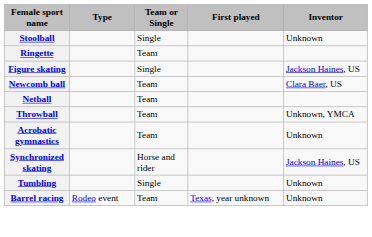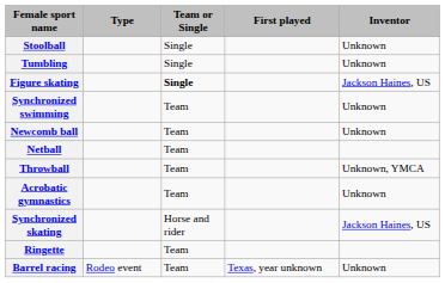 <table class="wikitable" style="text-align:left; font-size:95%;">
 <tr>
 <th width=100; style="background:silver;">Female sport name</th>
 <th width=100; style="background:silver;">Type</th>
 <th width=80; style="background:silver;">Team or Single</th>
 <th width=150; style="background:silver;">First played</th>
 <th width=130; style="background:silver;">Inventor</th>
 </tr>
 <tr>
 <th><a href='#'>Stoolball</a></th>
 <td><br></td>
 <td>Single</td>
 <td><br></td>
 <td>Unknown</td>
 </tr>
 <tr>
-<th><a href='#'>Ringette</a></th>
+<th><a href='#'>Tumbling</a></th>
 <td><br></td>
-<td>Team</td>
+<td>Single</td>
 <td><br></td>
-<td><br></td>
+<td>Unknown</td>
 </tr>
 <tr>
 <th><a href='#'>Figure skating</a></th>
 <td><br></td>
-<td>Single</td>
+<td><strong>Single</strong></td>
 <td><br></td>
 <td><a href='#'>Jackson Haines</a>, US</td>
+</tr>
+<tr>
+<th><a href='#'>Synchronized swimming</a></th>
+<td><br></td>
+<td>Team</td>
+<td><br></td>
+<td>Unknown</td>
 </tr>
 <tr>
 <th><a href='#'>Newcomb ball</a></th>
 <td><br></td>
 <td>Team</td>
 <td><br></td>
-<td><a href='#'>Clara Baer</a>, US</td>
+<td>Unknown</td>
 </tr>
 <tr>
 <th><a href='#'>Netball</a></th>
 <td><br></td>
 <td>Team</td>
 <td><br></td>
 <td><br></td>
 </tr>
 <tr>
 <th><a href='#'>Throwball</a></th>
 <td><br></td>
 <td>Team</td>
 <td><br></td>
 <td>Unknown, YMCA</td>
 </tr>
 <tr>
 <th><a href='#'>Acrobatic gymnastics</a></th>
 <td><br></td>
 <td>Team</td>
 <td><br></td>
 <td>Unknown</td>
 </tr>
 <tr>
 <th><a href='#'>Synchronized skating</a></th>
 <td><br></td>
 <td>Horse and rider</td>
 <td><br></td>
 <td><a href='#'>Jackson Haines</a>, US</td>
 </tr>
 <tr>
-<th><a href='#'>Tumbling</a></th>
+<th><a href='#'>Ringette</a></th>
 <td><br></td>
-<td>Single</td>
+<td>Team</td>
 <td><br></td>
-<td>Unknown</td>
+<td><br></td>
 </tr>
 <tr>
 <th><a href='#'>Barrel racing</a></th>
 <td><a href='#'>Rodeo</a> event</td>
 <td>Team</td>
 <td><a href='#'>Texas</a>, year unknown</td>
 <td>Unknown</td>
 </tr>
 </table>
